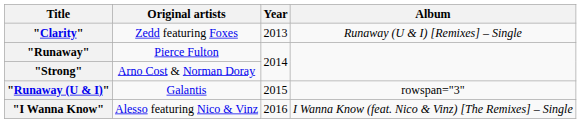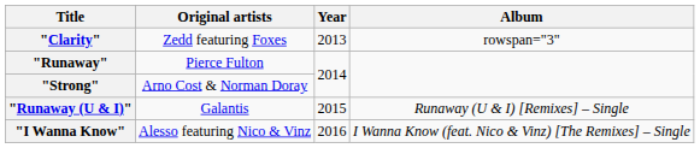 <table class="wikitable plainrowheaders" style="text-align:center;">
 <tr>
 <th scope="col">Title</th>
 <th scope="col">Original artists</th>
 <th scope="col">Year</th>
 <th scope="col">Album</th>
 </tr>
 <tr>
 <th scope="row">"<a href='#'>Clarity</a>" </th>
 <td><a href='#'>Zedd</a> featuring <a href='#'>Foxes</a></td>
 <td>2013</td>
-<td><em>Runaway (U & I) [Remixes] – Single</em></td>
+<td>rowspan="3" </td>
 </tr>
 <tr>
 <th scope="row">"Runaway" </th>
 <td><a href='#'>Pierce Fulton</a></td>
 <td rowspan="2">2014</td>
 </tr>
 <tr>
 <th scope="row">"Strong" </th>
 <td><a href='#'>Arno Cost</a> & <a href='#'>Norman Doray</a></td>
 </tr>
 <tr>
 <th scope="row">"<a href='#'>Runaway (U & I)</a>" </th>
 <td><a href='#'>Galantis</a></td>
 <td>2015</td>
-<td>rowspan="3" </td>
+<td><em>Runaway (U & I) [Remixes] – Single</em></td>
 </tr>
 <tr>
 <th scope="row">"I Wanna Know" </th>
 <td><a href='#'>Alesso</a> featuring <a href='#'>Nico & Vinz</a></td>
 <td>2016</td>
 <td><em>I Wanna Know (feat. Nico & Vinz) [The Remixes] – Single</em></td>
 </tr>
 </table>
